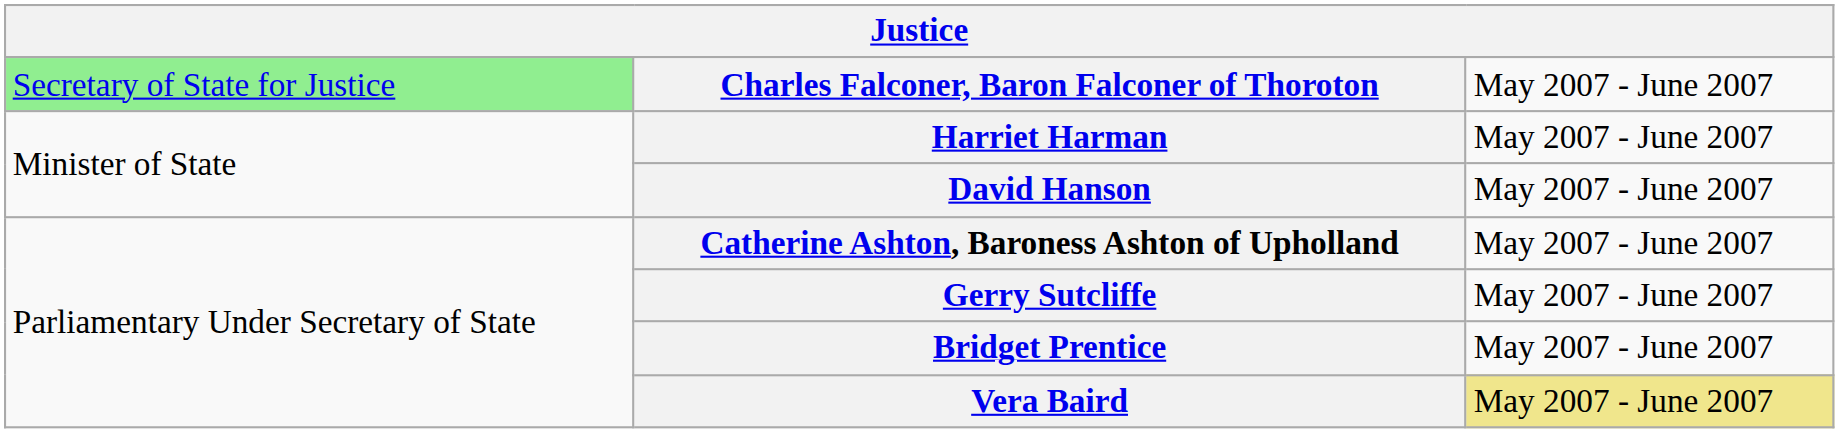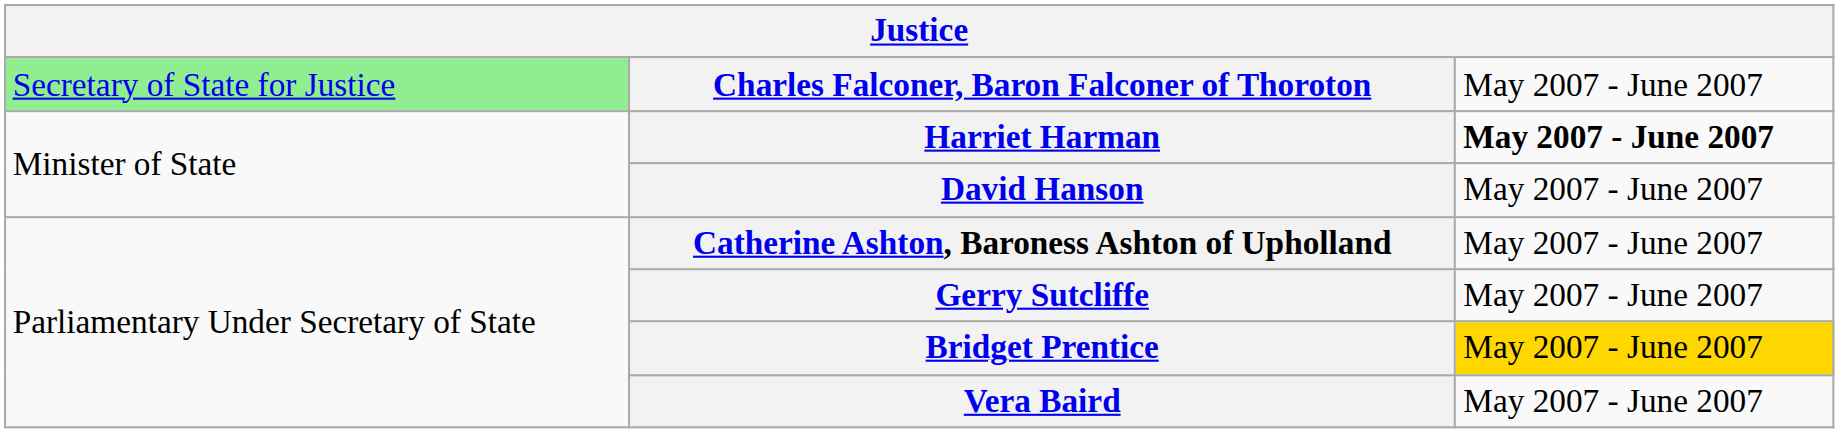 <table class="wikitable plainrowheaders" width=100% style="max-width:55em;">
 <tr>
 <th colspan=4><a href='#'>Justice</a></th>
 </tr>
 <tr>
 <td style="background: lightgreen;"><a href='#'>Secretary of State for Justice</a></td>
 <th scope="row" style="font-weight:bold;"><a href='#'>Charles Falconer, Baron Falconer of Thoroton</a></th>
 <td>May 2007 - June 2007</td>
 </tr>
 <tr>
 <td rowspan="2">Minister of State</td>
 <th scope="row"><a href='#'>Harriet Harman</a></th>
-<td>May 2007 - June 2007</td>
+<td><strong>May 2007 - June 2007</strong></td>
 </tr>
 <tr>
 <th scope="row"><a href='#'>David Hanson</a></th>
 <td>May 2007 - June 2007</td>
 </tr>
 <tr>
 <td rowspan="4">Parliamentary Under Secretary of State</td>
 <th scope="row"><a href='#'>Catherine Ashton</a>, Baroness Ashton of Upholland</th>
 <td>May 2007 - June 2007</td>
 </tr>
 <tr>
 <th scope="row"><a href='#'>Gerry Sutcliffe</a></th>
 <td>May 2007 - June 2007</td>
 </tr>
 <tr>
 <th scope="row"><a href='#'>Bridget Prentice</a></th>
-<td>May 2007 - June 2007</td>
+<td style="background: gold;">May 2007 - June 2007</td>
 </tr>
 <tr>
 <th scope="row"><a href='#'>Vera Baird</a></th>
-<td style="background: khaki;">May 2007 - June 2007</td>
+<td>May 2007 - June 2007</td>
 </tr>
 </table>
